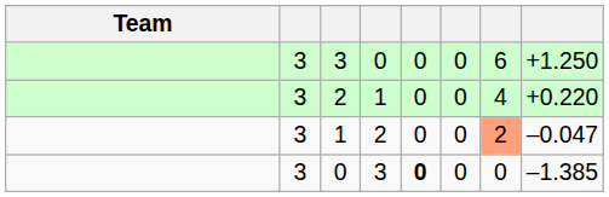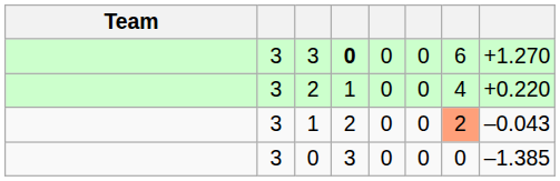 <table class="wikitable" style="text-align:center">
 <tr>
 <th width=180>Team</th>
 <th width=20></th>
 <th width=20></th>
 <th width=20></th>
 <th width=20></th>
 <th width=20></th>
 <th width=20></th>
 <th width=45></th>
 </tr>
 <tr style="background:#cfc">
 <td align="left"></td>
 <td>3</td>
 <td>3</td>
-<td>0</td>
+<td><strong>0</strong></td>
 <td>0</td>
 <td>0</td>
 <td>6</td>
-<td>+1.250</td>
+<td>+1.270</td>
 </tr>
 <tr style="background:#cfc">
 <td align="left"></td>
 <td>3</td>
 <td>2</td>
 <td>1</td>
 <td>0</td>
 <td>0</td>
 <td>4</td>
 <td>+0.220</td>
 </tr>
 <tr>
 <td align="left"></td>
 <td>3</td>
 <td>1</td>
 <td>2</td>
 <td>0</td>
 <td>0</td>
 <td style="background: lightsalmon;">2</td>
-<td>–0.047</td>
+<td>–0.043</td>
 </tr>
 <tr>
 <td align="left"></td>
 <td>3</td>
 <td>0</td>
 <td>3</td>
-<td><strong>0</strong></td>
+<td>0</td>
 <td>0</td>
 <td>0</td>
 <td>–1.385</td>
 </tr>
 </table>
